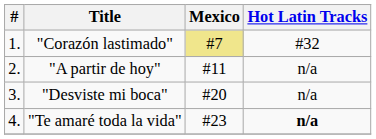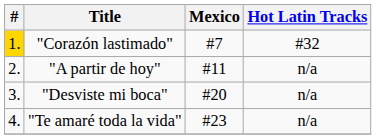 <table class="wikitable">
 <tr>
 <th>#</th>
 <th>Title</th>
 <th>Mexico</th>
 <th><a href='#'>Hot Latin Tracks</a></th>
 </tr>
 <tr>
-<td>1.</td>
+<td style="background: gold;">1.</td>
 <td align="center">"Corazón lastimado"</td>
-<td align="center" style="background: khaki;">#7</td>
+<td align="center">#7</td>
 <td align="center">#32</td>
 </tr>
 <tr>
 <td>2.</td>
 <td align="center">"A partir de hoy"</td>
 <td align="center">#11</td>
 <td align="center">n/a</td>
 </tr>
 <tr>
 <td>3.</td>
 <td align="center">"Desviste mi boca"</td>
 <td align="center">#20</td>
 <td align="center">n/a</td>
 </tr>
 <tr>
 <td>4.</td>
 <td align="center">"Te amaré toda la vida"</td>
 <td align="center">#23</td>
-<td align="center"><strong>n/a</strong></td>
+<td align="center">n/a</td>
 </tr>
 <tr>
 </tr>
 </table>
